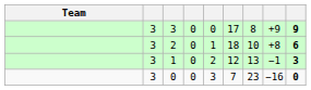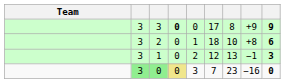 <table class="wikitable" style="text-align: center;">
 <tr>
 <th width="175">Team</th>
 <th width="20"></th>
 <th width="20"></th>
 <th width="20"></th>
 <th width="20"></th>
 <th width="20"></th>
 <th width="20"></th>
 <th width="20"></th>
 <th width="20"></th>
 </tr>
 <tr bgcolor="#ccffcc">
 <td align=left></td>
 <td>3</td>
 <td>3</td>
-<td>0</td>
+<td><strong>0</strong></td>
 <td>0</td>
 <td>17</td>
 <td>8</td>
 <td>+9</td>
 <td><strong>9</strong></td>
 </tr>
 <tr bgcolor="#ccffcc">
 <td align=left></td>
 <td>3</td>
 <td>2</td>
 <td>0</td>
 <td>1</td>
 <td>18</td>
 <td>10</td>
 <td>+8</td>
 <td><strong>6</strong></td>
 </tr>
 <tr bgcolor="#ccffcc">
 <td align=left></td>
 <td>3</td>
 <td>1</td>
 <td>0</td>
 <td>2</td>
 <td>12</td>
 <td>13</td>
 <td>−1</td>
 <td><strong>3</strong></td>
 </tr>
 <tr>
 <td align=left></td>
-<td>3</td>
-<td>0</td>
-<td>0</td>
+<td style="background: lightgreen;">3</td>
+<td style="background: lightgreen;">0</td>
+<td style="background: khaki;">0</td>
 <td>3</td>
 <td>7</td>
 <td>23</td>
 <td>−16</td>
 <td><strong>0</strong></td>
 </tr>
 </table>
